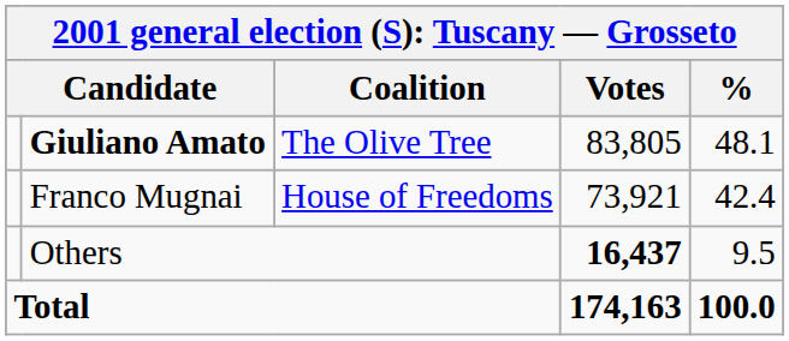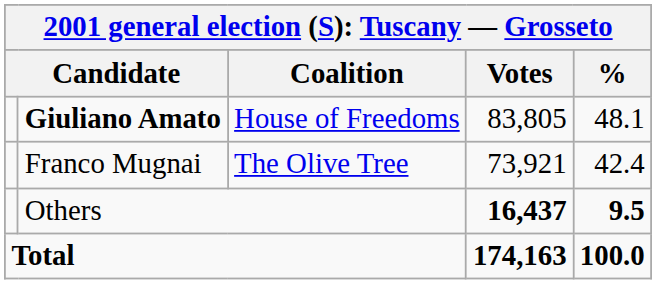 <table class=wikitable style=text-align:right>
 <tr>
 <th colspan=5><a href='#'>2001 general election</a> (<a href='#'>S</a>): <a href='#'>Tuscany</a> — <a href='#'>Grosseto</a></th>
 </tr>
 <tr>
 <th colspan=2>Candidate</th>
 <th>Coalition</th>
 <th>Votes</th>
 <th>%</th>
 </tr>
 <tr>
 <td></td>
 <td align=left><strong>Giuliano Amato</strong></td>
-<td align=left><a href='#'>The Olive Tree</a></td>
+<td align=left><a href='#'>House of Freedoms</a></td>
 <td>83,805</td>
 <td>48.1</td>
 </tr>
 <tr>
 <td></td>
 <td align=left>Franco Mugnai</td>
-<td align=left><a href='#'>House of Freedoms</a></td>
+<td align=left><a href='#'>The Olive Tree</a></td>
 <td>73,921</td>
 <td>42.4</td>
 </tr>
 <tr>
 <td></td>
 <td align=left colspan=2>Others</td>
 <td><strong>16,437</strong></td>
-<td>9.5</td>
+<td><strong>9.5</strong></td>
 </tr>
 <tr>
 <td align=left colspan=3><strong>Total</strong></td>
 <td><strong>174,163</strong></td>
 <td><strong>100.0</strong></td>
 </tr>
 </table>
